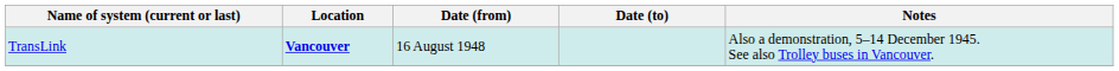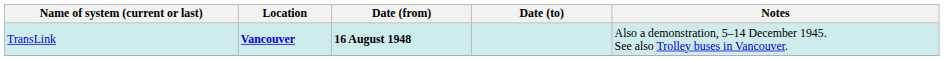 <table class="wikitable" width=100%>
 <tr>
 <th width=25%>Name of system  (current or last)</th>
 <th width=10%>Location</th>
 <th width=15%>Date (from)</th>
 <th width=15%>Date (to)</th>
 <th width=35%>Notes</th>
 </tr>
 <tr style="background:#CFECEC">
 <td><a href='#'>TransLink</a></td>
 <td><strong><a href='#'>Vancouver</a></strong></td>
-<td>16 August 1948 </td>
+<td><strong>16 August 1948 </strong></td>
 <td> </td>
 <td>Also a demonstration, 5–14 December 1945.<br>See also <a href='#'>Trolley buses in Vancouver</a>.</td>
 </tr>
 <tr>
 </tr>
 </table>
